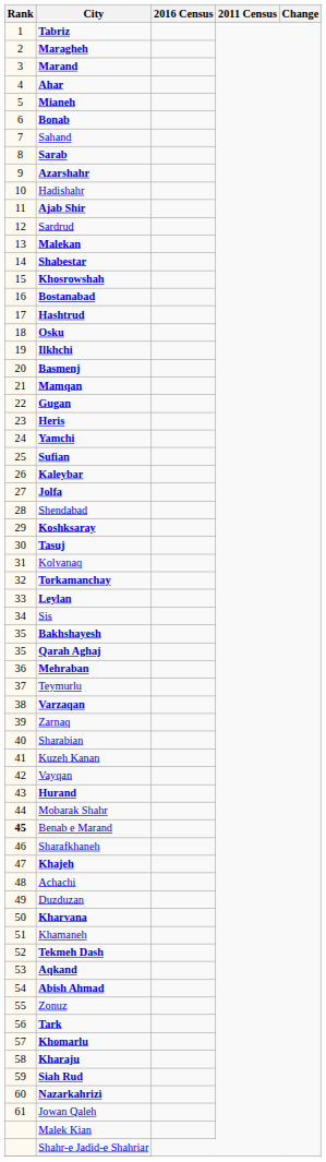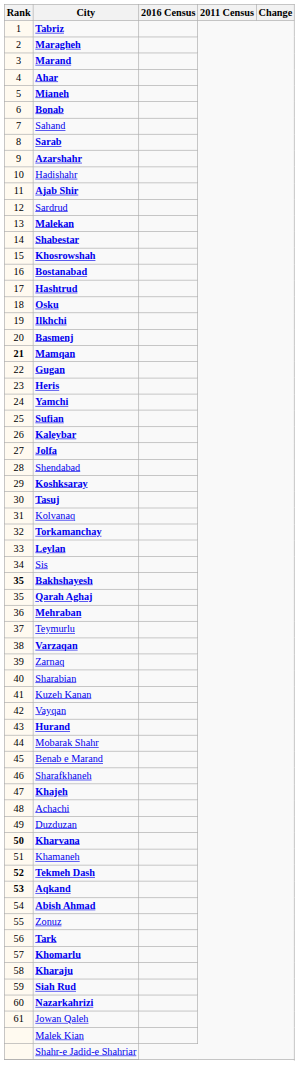 <table class="wikitable sortable">
 <tr>
 <th>Rank</th>
 <th>City</th>
 <th>2016 Census</th>
 <th>2011 Census</th>
 <th>Change</th>
 </tr>
 <tr>
 <td align=center bgcolor="FFFAF0">1</td>
 <td><strong><a href='#'>Tabriz</a></strong></td>
 <td></td>
 </tr>
 <tr>
 <td align=center bgcolor="FFFAF0">2</td>
 <td><strong><a href='#'>Maragheh</a></strong></td>
 <td></td>
 </tr>
 <tr>
 <td align=center bgcolor="FFFAF0">3</td>
 <td><strong><a href='#'>Marand</a></strong></td>
 <td></td>
 </tr>
 <tr>
 <td align=center bgcolor="FFFAF0">4</td>
 <td><strong><a href='#'>Ahar</a></strong></td>
 <td></td>
 </tr>
 <tr>
 <td align=center bgcolor="FFFAF0">5</td>
 <td><strong><a href='#'>Mianeh</a></strong></td>
 <td></td>
 </tr>
 <tr>
 <td align=center bgcolor="FFFAF0">6</td>
 <td><strong><a href='#'>Bonab</a></strong></td>
 <td></td>
 </tr>
 <tr>
 <td align=center bgcolor="FFFAF0">7</td>
 <td><a href='#'>Sahand</a></td>
 <td></td>
 </tr>
 <tr>
 <td align=center bgcolor="FFFAF0">8</td>
 <td><strong><a href='#'>Sarab</a></strong></td>
 <td></td>
 </tr>
 <tr>
 <td align=center bgcolor="FFFAF0">9</td>
 <td><strong><a href='#'>Azarshahr</a></strong></td>
 <td></td>
 </tr>
 <tr>
 <td align=center bgcolor="FFFAF0">10</td>
 <td><a href='#'>Hadishahr</a></td>
 <td></td>
 </tr>
 <tr>
 <td align=center bgcolor="FFFAF0">11</td>
 <td><strong><a href='#'>Ajab Shir</a></strong></td>
 <td></td>
 </tr>
 <tr>
 <td align=center bgcolor="FFFAF0">12</td>
 <td><a href='#'>Sardrud</a></td>
 <td></td>
 </tr>
 <tr>
 <td align=center bgcolor="FFFAF0">13</td>
 <td><strong><a href='#'>Malekan</a></strong></td>
 <td></td>
 </tr>
 <tr>
 <td align=center bgcolor="FFFAF0">14</td>
 <td><strong><a href='#'>Shabestar</a></strong></td>
 <td></td>
 </tr>
 <tr>
 <td align="center" bgcolor="FFFAF0">15</td>
 <td><strong><a href='#'>Khosrowshah</a></strong></td>
 <td></td>
 </tr>
 <tr>
 <td align=center bgcolor="FFFAF0">16</td>
 <td><strong><a href='#'>Bostanabad</a></strong></td>
 <td></td>
 </tr>
 <tr>
 <td align=center bgcolor="FFFAF0">17</td>
 <td><strong><a href='#'>Hashtrud</a></strong></td>
 <td></td>
 </tr>
 <tr>
 <td align=center bgcolor="FFFAF0">18</td>
 <td><strong><a href='#'>Osku</a></strong></td>
 <td></td>
 </tr>
 <tr>
 <td align=center bgcolor="FFFAF0">19</td>
 <td><strong><a href='#'>Ilkhchi</a></strong></td>
 <td></td>
 </tr>
 <tr>
 <td align="center" bgcolor="FFFAF0">20</td>
 <td><strong><a href='#'>Basmenj</a></strong></td>
 <td></td>
 </tr>
 <tr>
-<td align=center bgcolor="FFFAF0">21</td>
+<td align=center bgcolor="FFFAF0"><strong>21</strong></td>
 <td><strong><a href='#'>Mamqan</a></strong></td>
 <td></td>
 </tr>
 <tr>
 <td align=center bgcolor="FFFAF0">22</td>
 <td><strong><a href='#'>Gugan</a></strong></td>
 <td></td>
 </tr>
 <tr>
 <td align=center bgcolor="FFFAF0">23</td>
 <td><strong><a href='#'>Heris</a></strong></td>
 <td></td>
 </tr>
 <tr>
 <td align=center bgcolor="FFFAF0">24</td>
 <td><strong><a href='#'>Yamchi</a></strong></td>
 <td></td>
 </tr>
 <tr>
 <td align="center" bgcolor="FFFAF0">25</td>
 <td><strong><a href='#'>Sufian</a></strong></td>
 <td></td>
 </tr>
 <tr>
 <td align=center bgcolor="FFFAF0">26</td>
 <td><strong><a href='#'>Kaleybar</a></strong></td>
 <td></td>
 </tr>
 <tr>
 <td align="center" bgcolor="FFFAF0">27</td>
 <td><strong><a href='#'>Jolfa</a></strong></td>
 <td></td>
 </tr>
 <tr>
 <td align=center bgcolor="FFFAF0">28</td>
 <td><a href='#'>Shendabad</a></td>
 <td></td>
 </tr>
 <tr>
 <td align=center bgcolor="FFFAF0">29</td>
 <td><strong><a href='#'>Koshksaray</a></strong></td>
 <td></td>
 </tr>
 <tr>
 <td align=center bgcolor="FFFAF0">30</td>
 <td><strong><a href='#'>Tasuj</a></strong></td>
 <td></td>
 </tr>
 <tr>
 <td align="center" bgcolor="FFFAF0">31</td>
 <td><a href='#'>Kolvanaq</a></td>
 <td></td>
 </tr>
 <tr>
 <td align=center bgcolor="FFFAF0">32</td>
 <td><strong><a href='#'>Torkamanchay</a></strong></td>
 <td></td>
 </tr>
 <tr>
 <td align=center bgcolor="FFFAF0">33</td>
 <td><strong><a href='#'>Leylan</a></strong></td>
 <td></td>
 </tr>
 <tr>
 <td align=center bgcolor="FFFAF0">34</td>
 <td><a href='#'>Sis</a></td>
 <td></td>
 </tr>
 <tr>
-<td align=center bgcolor="FFFAF0">35</td>
+<td align=center bgcolor="FFFAF0"><strong>35</strong></td>
 <td><strong><a href='#'>Bakhshayesh</a></strong></td>
 <td></td>
 </tr>
 <tr>
 <td align=center bgcolor="FFFAF0">35</td>
 <td><strong><a href='#'>Qarah Aghaj</a></strong></td>
 <td></td>
 </tr>
 <tr>
 <td align=center bgcolor="FFFAF0">36</td>
 <td><strong><a href='#'>Mehraban</a></strong></td>
 <td></td>
 </tr>
 <tr>
 <td align=center bgcolor="FFFAF0">37</td>
 <td><a href='#'>Teymurlu</a></td>
 <td></td>
 </tr>
 <tr>
 <td align=center bgcolor="FFFAF0">38</td>
 <td><strong><a href='#'>Varzaqan</a></strong></td>
 <td></td>
 </tr>
 <tr>
 <td align=center bgcolor="FFFAF0">39</td>
 <td><a href='#'>Zarnaq</a></td>
 <td></td>
 </tr>
 <tr>
 <td align="center" bgcolor="FFFAF0">40</td>
 <td><a href='#'>Sharabian</a></td>
 <td></td>
 </tr>
 <tr>
 <td align="center" bgcolor="FFFAF0">41</td>
 <td><a href='#'>Kuzeh Kanan</a></td>
 <td></td>
 </tr>
 <tr>
 <td align="center" bgcolor="FFFAF0">42</td>
 <td><a href='#'>Vayqan</a></td>
 <td></td>
 </tr>
 <tr>
 <td align=center bgcolor="FFFAF0">43</td>
 <td><strong><a href='#'>Hurand</a></strong></td>
 <td></td>
 </tr>
 <tr>
 <td align="center" bgcolor="FFFAF0">44</td>
 <td><a href='#'>Mobarak Shahr</a></td>
 <td></td>
 </tr>
 <tr>
-<td align="center" bgcolor="FFFAF0"><strong>45</strong></td>
+<td align="center" bgcolor="FFFAF0">45</td>
 <td><a href='#'>Benab e Marand</a></td>
 <td></td>
 </tr>
 <tr>
 <td align="center" bgcolor="FFFAF0">46</td>
 <td><a href='#'>Sharafkhaneh</a></td>
 <td></td>
 </tr>
 <tr>
 <td align=center bgcolor="FFFAF0">47</td>
 <td><strong><a href='#'>Khajeh</a></strong></td>
 <td></td>
 </tr>
 <tr>
 <td align=center bgcolor="FFFAF">48</td>
 <td><a href='#'>Achachi</a></td>
 <td></td>
 </tr>
 <tr>
 <td align=center bgcolor="FFFAF0">49</td>
 <td><a href='#'>Duzduzan</a></td>
 <td></td>
 </tr>
 <tr>
-<td align=center bgcolor="FFFAF0">50</td>
+<td align=center bgcolor="FFFAF0"><strong>50</strong></td>
 <td><strong><a href='#'>Kharvana</a></strong></td>
 <td></td>
 </tr>
 <tr>
 <td align=center bgcolor="FFFAF0">51</td>
 <td><a href='#'>Khamaneh</a></td>
 <td></td>
 </tr>
 <tr>
-<td align=center bgcolor="FFFAF0">52</td>
+<td align=center bgcolor="FFFAF0"><strong>52</strong></td>
 <td><strong><a href='#'>Tekmeh Dash</a></strong></td>
 <td></td>
 </tr>
 <tr>
-<td align=center bgcolor="FFFAF0">53</td>
+<td align=center bgcolor="FFFAF0"><strong>53</strong></td>
 <td><strong><a href='#'>Aqkand</a></strong></td>
 <td></td>
 </tr>
 <tr>
 <td align=center bgcolor="FFFAF0">54</td>
 <td><strong><a href='#'>Abish Ahmad</a></strong></td>
 <td></td>
 </tr>
 <tr>
 <td align=center bgcolor="FFFAF0">55</td>
 <td><a href='#'>Zonuz</a></td>
 <td></td>
 </tr>
 <tr>
 <td align=center bgcolor="FFFAF0">56</td>
 <td><strong><a href='#'>Tark</a></strong></td>
 <td></td>
 </tr>
 <tr>
 <td align=center bgcolor="FFFAF0">57</td>
 <td><strong><a href='#'>Khomarlu</a></strong></td>
 <td></td>
 </tr>
 <tr>
 <td align=center bgcolor="FFFAF0">58</td>
 <td><strong><a href='#'>Kharaju</a></strong></td>
 <td></td>
 </tr>
 <tr>
 <td align=center bgcolor="FFFAF0">59</td>
 <td><strong><a href='#'>Siah Rud</a></strong></td>
 <td></td>
 </tr>
 <tr>
 <td align=center bgcolor="FFFAF0">60</td>
 <td><strong><a href='#'>Nazarkahrizi</a></strong></td>
 <td></td>
 </tr>
 <tr>
 <td align=center bgcolor="FFFAF0">61</td>
 <td><a href='#'>Jowan Qaleh</a></td>
 <td></td>
 </tr>
 <tr>
 <td align=center bgcolor="FFFAF0"></td>
 <td><a href='#'>Malek Kian</a></td>
 <td></td>
 </tr>
 <tr>
 <td align=center bgcolor="FFFAF0"></td>
 <td><a href='#'>Shahr-e Jadid-e Shahriar</a></td>
 </tr>
 <tr>
 </tr>
 </table>
